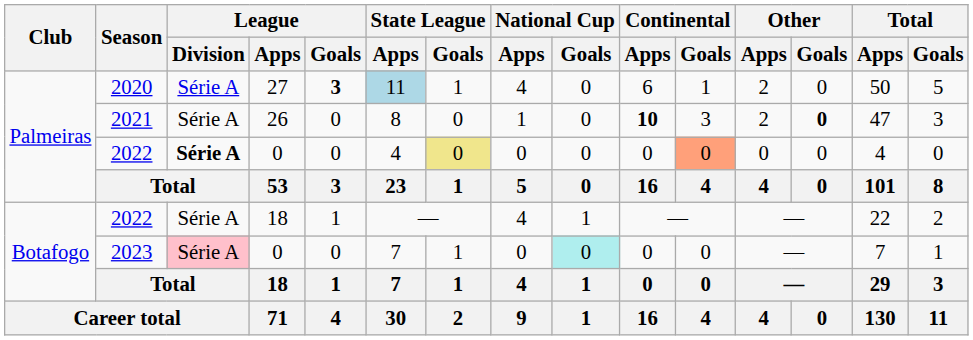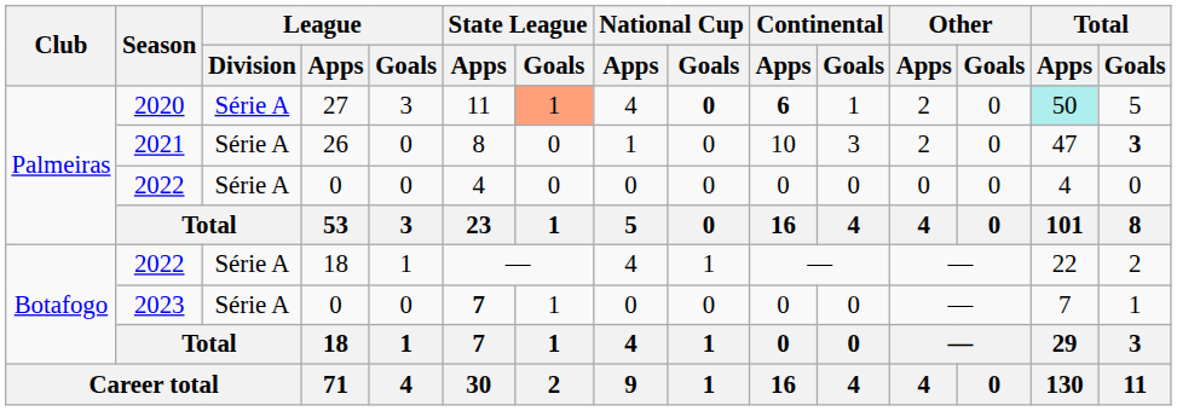 <table class="wikitable" style="text-align: center;">
 <tr>
 <th rowspan="2">Club</th>
 <th rowspan="2">Season</th>
 <th colspan="3">League</th>
 <th colspan="2">State League</th>
 <th colspan="2">National Cup</th>
 <th colspan="2">Continental</th>
 <th colspan="2">Other</th>
 <th colspan="2">Total</th>
 </tr>
 <tr>
 <th>Division</th>
 <th>Apps</th>
 <th>Goals</th>
 <th>Apps</th>
 <th>Goals</th>
 <th>Apps</th>
 <th>Goals</th>
 <th>Apps</th>
 <th>Goals</th>
 <th>Apps</th>
 <th>Goals</th>
 <th>Apps</th>
 <th>Goals</th>
 </tr>
 <tr>
 <td rowspan="4"><a href='#'>Palmeiras</a></td>
 <td><a href='#'>2020</a></td>
 <td><a href='#'>Série A</a></td>
 <td>27</td>
-<td><strong>3</strong></td>
-<td style="background: lightblue;">11</td>
-<td>1</td>
+<td>3</td>
+<td>11</td>
+<td style="background: lightsalmon;">1</td>
 <td>4</td>
-<td>0</td>
-<td>6</td>
+<td><strong>0</strong></td>
+<td><strong>6</strong></td>
 <td>1</td>
 <td>2</td>
 <td>0</td>
-<td>50</td>
+<td style="background: paleturquoise;">50</td>
 <td>5</td>
 </tr>
 <tr>
 <td><a href='#'>2021</a></td>
 <td>Série A</td>
 <td>26</td>
 <td>0</td>
 <td>8</td>
 <td>0</td>
 <td>1</td>
 <td>0</td>
-<td><strong>10</strong></td>
+<td>10</td>
 <td>3</td>
 <td>2</td>
-<td><strong>0</strong></td>
+<td>0</td>
 <td>47</td>
-<td>3</td>
+<td><strong>3</strong></td>
 </tr>
 <tr>
 <td><a href='#'>2022</a></td>
-<td><strong>Série A</strong></td>
+<td>Série A</td>
 <td>0</td>
 <td>0</td>
 <td>4</td>
-<td style="background: khaki;">0</td>
 <td>0</td>
 <td>0</td>
 <td>0</td>
-<td style="background: lightsalmon;">0</td>
+<td>0</td>
+<td>0</td>
 <td>0</td>
 <td>0</td>
 <td>4</td>
 <td>0</td>
 </tr>
 <tr>
 <th colspan="2">Total</th>
 <th>53</th>
 <th>3</th>
 <th>23</th>
 <th>1</th>
 <th>5</th>
 <th>0</th>
 <th>16</th>
 <th>4</th>
 <th>4</th>
 <th>0</th>
 <th>101</th>
 <th>8</th>
 </tr>
 <tr>
 <td rowspan="3"><a href='#'>Botafogo</a></td>
 <td><a href='#'>2022</a></td>
 <td>Série A</td>
 <td>18</td>
 <td>1</td>
 <td colspan="2">—</td>
 <td>4</td>
 <td>1</td>
 <td colspan="2">—</td>
 <td colspan="2">—</td>
 <td>22</td>
 <td>2</td>
 </tr>
 <tr>
 <td><a href='#'>2023</a></td>
-<td style="background: pink;">Série A</td>
+<td>Série A</td>
 <td>0</td>
 <td>0</td>
-<td>7</td>
+<td><strong>7</strong></td>
 <td>1</td>
 <td>0</td>
-<td style="background: paleturquoise;">0</td>
+<td>0</td>
 <td>0</td>
 <td>0</td>
 <td colspan="2">—</td>
 <td>7</td>
 <td>1</td>
 </tr>
 <tr>
 <th colspan="2">Total</th>
 <th>18</th>
 <th>1</th>
 <th>7</th>
 <th>1</th>
 <th>4</th>
 <th>1</th>
 <th>0</th>
 <th>0</th>
 <th colspan="2">—</th>
 <th>29</th>
 <th>3</th>
 </tr>
 <tr>
 <th colspan="3">Career total</th>
 <th>71</th>
 <th>4</th>
 <th>30</th>
 <th>2</th>
 <th>9</th>
 <th>1</th>
 <th>16</th>
 <th>4</th>
 <th>4</th>
 <th>0</th>
 <th>130</th>
 <th>11</th>
 </tr>
 </table>
